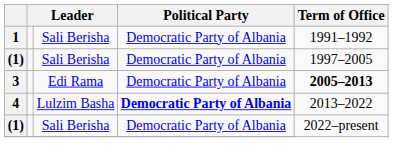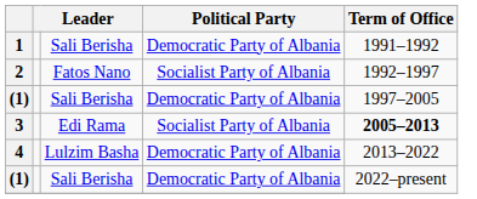 <table class="wikitable" style="text-align:center;">
 <tr>
 <th></th>
 <th colspan="2">Leader</th>
 <th>Political Party</th>
 <th>Term of Office</th>
 </tr>
 <tr>
 <th style="background: ">1</th>
 <td></td>
 <td><a href='#'>Sali Berisha</a></td>
 <td><a href='#'>Democratic Party of Albania</a></td>
 <td>1991–1992</td>
 </tr>
 <tr>
+<th style="background: ">2</th>
+<td></td>
+<td><a href='#'>Fatos Nano</a></td>
+<td><a href='#'>Socialist Party of Albania</a></td>
+<td>1992–1997</td>
+</tr>
+<tr>
 <th style="background: ">(1)</th>
 <td></td>
 <td><a href='#'>Sali Berisha</a></td>
 <td><a href='#'>Democratic Party of Albania</a></td>
 <td>1997–2005</td>
 </tr>
 <tr>
 <th style="background: ">3</th>
 <td></td>
 <td><a href='#'>Edi Rama</a></td>
-<td><a href='#'>Democratic Party of Albania</a></td>
+<td><a href='#'>Socialist Party of Albania</a></td>
 <td><strong>2005–2013</strong></td>
 </tr>
 <tr>
 <th style="background: ">4</th>
 <td></td>
 <td><a href='#'>Lulzim Basha</a></td>
-<td><strong><a href='#'>Democratic Party of Albania</a></strong></td>
+<td><a href='#'>Democratic Party of Albania</a></td>
 <td>2013–2022</td>
 </tr>
 <tr>
 <th style="background: ">(1)</th>
 <td></td>
 <td><a href='#'>Sali Berisha</a></td>
 <td><a href='#'>Democratic Party of Albania</a></td>
 <td rowspan="2">2022–present</td>
 </tr>
 <tr>
 </tr>
 </table>
